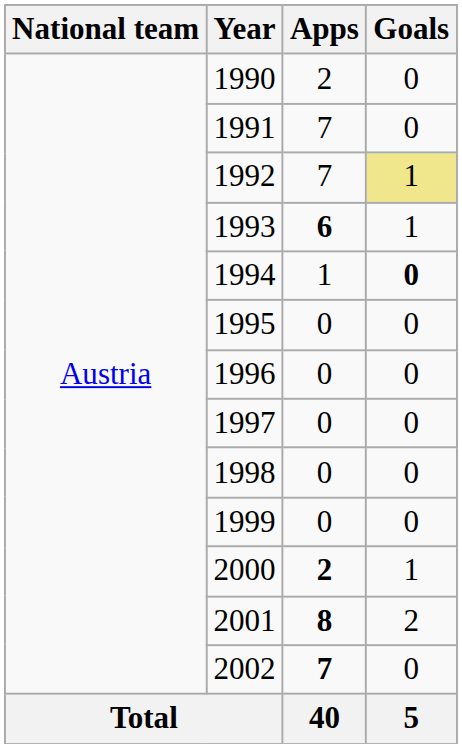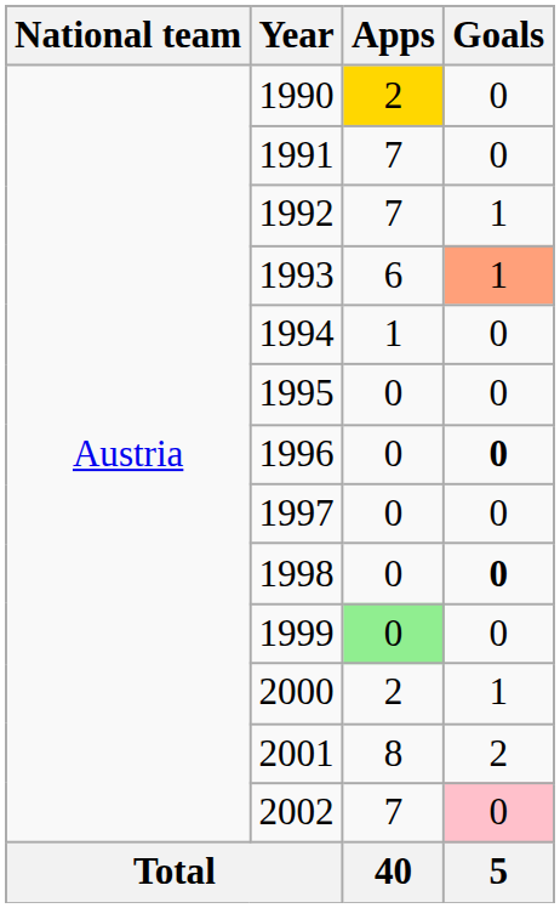 <table class="wikitable" style="text-align:center">
 <tr>
 <th>National team</th>
 <th>Year</th>
 <th>Apps</th>
 <th>Goals</th>
 </tr>
 <tr>
 <td rowspan="13"><a href='#'>Austria</a></td>
 <td>1990</td>
-<td>2</td>
+<td style="background: gold;">2</td>
 <td>0</td>
 </tr>
 <tr>
 <td>1991</td>
 <td>7</td>
 <td>0</td>
 </tr>
 <tr>
 <td>1992</td>
 <td>7</td>
-<td style="background: khaki;">1</td>
+<td>1</td>
 </tr>
 <tr>
 <td>1993</td>
-<td><strong>6</strong></td>
-<td>1</td>
+<td>6</td>
+<td style="background: lightsalmon;">1</td>
 </tr>
 <tr>
 <td>1994</td>
 <td>1</td>
-<td><strong>0</strong></td>
+<td>0</td>
 </tr>
 <tr>
 <td>1995</td>
 <td>0</td>
 <td>0</td>
 </tr>
 <tr>
 <td>1996</td>
 <td>0</td>
-<td>0</td>
+<td><strong>0</strong></td>
 </tr>
 <tr>
 <td>1997</td>
 <td>0</td>
 <td>0</td>
 </tr>
 <tr>
 <td>1998</td>
 <td>0</td>
-<td>0</td>
+<td><strong>0</strong></td>
 </tr>
 <tr>
 <td>1999</td>
-<td>0</td>
+<td style="background: lightgreen;">0</td>
 <td>0</td>
 </tr>
 <tr>
 <td>2000</td>
-<td><strong>2</strong></td>
+<td>2</td>
 <td>1</td>
 </tr>
 <tr>
 <td>2001</td>
-<td><strong>8</strong></td>
+<td>8</td>
 <td>2</td>
 </tr>
 <tr>
 <td>2002</td>
-<td><strong>7</strong></td>
-<td>0</td>
+<td>7</td>
+<td style="background: pink;">0</td>
 </tr>
 <tr>
 <th colspan="2">Total</th>
 <th>40</th>
 <th>5</th>
 </tr>
 </table>
